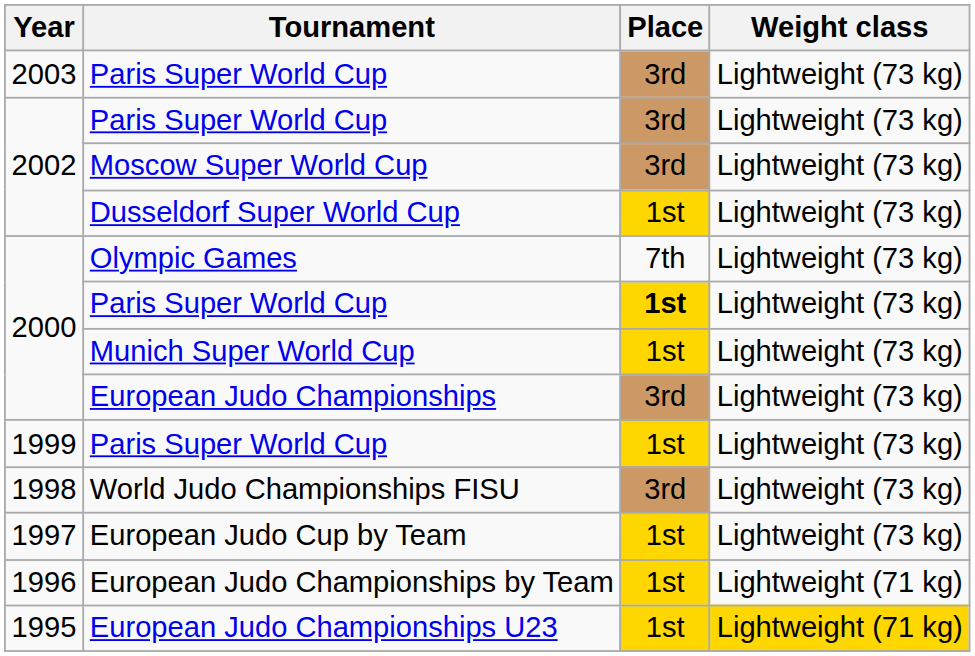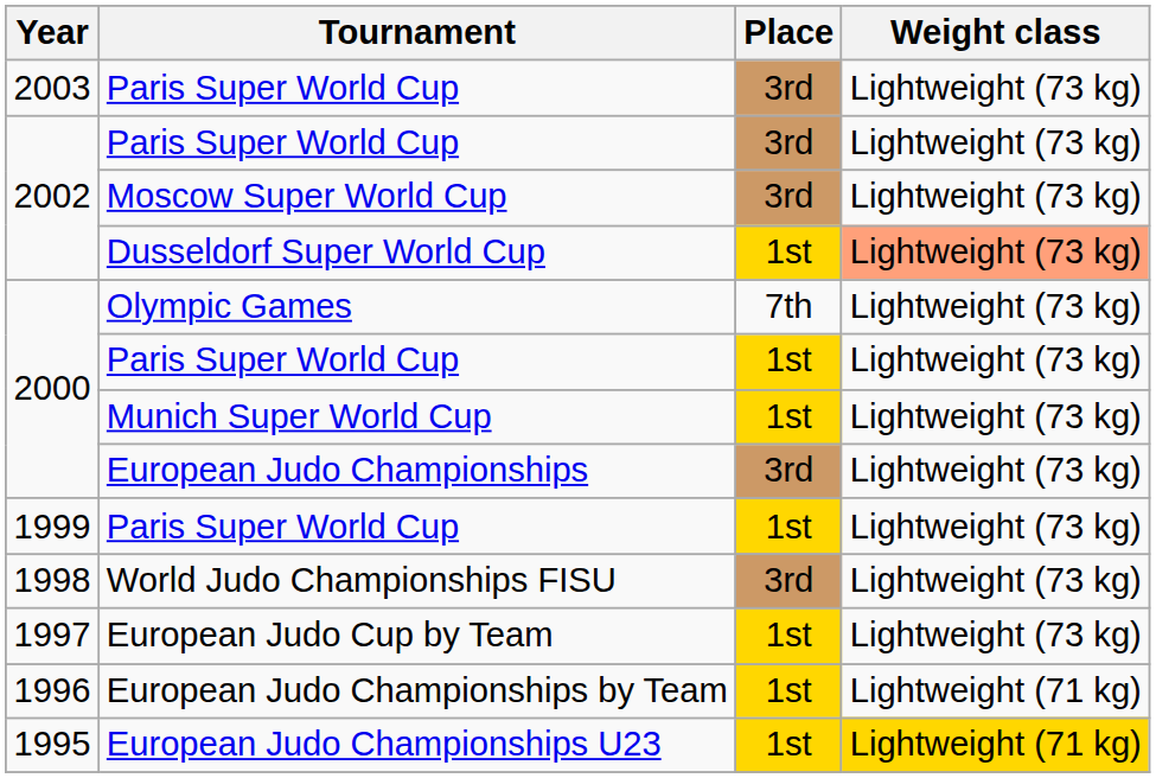 <table class=wikitable>
 <tr>
 <th>Year</th>
 <th>Tournament</th>
 <th>Place</th>
 <th>Weight class</th>
 </tr>
 <tr>
 <td>2003</td>
 <td><a href='#'>Paris Super World Cup</a></td>
 <td bgcolor="cc9966" align="center">3rd</td>
 <td>Lightweight (73 kg)</td>
 </tr>
 <tr>
 <td rowspan=3>2002</td>
 <td><a href='#'>Paris Super World Cup</a></td>
 <td bgcolor="cc9966" align="center">3rd</td>
 <td>Lightweight (73 kg)</td>
 </tr>
 <tr>
 <td><a href='#'>Moscow Super World Cup</a></td>
 <td bgcolor="cc9966" align="center">3rd</td>
 <td>Lightweight (73 kg)</td>
 </tr>
 <tr>
 <td><a href='#'>Dusseldorf Super World Cup</a></td>
 <td bgcolor=gold align="center">1st</td>
-<td>Lightweight (73 kg)</td>
+<td style="background: lightsalmon;">Lightweight (73 kg)</td>
 </tr>
 <tr>
 <td rowspan=4>2000</td>
 <td><a href='#'>Olympic Games</a></td>
 <td align="center">7th</td>
 <td>Lightweight (73 kg)</td>
 </tr>
 <tr>
 <td><a href='#'>Paris Super World Cup</a></td>
-<td bgcolor=gold align="center"><strong>1st</strong></td>
+<td bgcolor=gold align="center">1st</td>
 <td>Lightweight (73 kg)</td>
 </tr>
 <tr>
 <td><a href='#'>Munich Super World Cup</a></td>
 <td bgcolor=gold align="center">1st</td>
 <td>Lightweight (73 kg)</td>
 </tr>
 <tr>
 <td><a href='#'>European Judo Championships</a></td>
 <td bgcolor="cc9966" align="center">3rd</td>
 <td>Lightweight (73 kg)</td>
 </tr>
 <tr>
 <td>1999</td>
 <td><a href='#'>Paris Super World Cup</a></td>
 <td bgcolor=gold align="center">1st</td>
 <td>Lightweight (73 kg)</td>
 </tr>
 <tr>
 <td>1998</td>
 <td>World Judo Championships FISU</td>
 <td bgcolor="cc9966" align="center">3rd</td>
 <td>Lightweight (73 kg)</td>
 </tr>
 <tr>
 <td>1997</td>
 <td>European Judo Cup by Team</td>
 <td bgcolor=gold align="center">1st</td>
 <td>Lightweight (73 kg)</td>
 </tr>
 <tr>
 <td>1996</td>
 <td>European Judo Championships by Team</td>
 <td bgcolor=gold align="center">1st</td>
 <td>Lightweight (71 kg)</td>
 </tr>
 <tr>
 <td>1995</td>
 <td><a href='#'>European Judo Championships U23</a></td>
 <td bgcolor=gold align="center">1st</td>
 <td style="background: gold;">Lightweight (71 kg)</td>
 </tr>
 </table>
